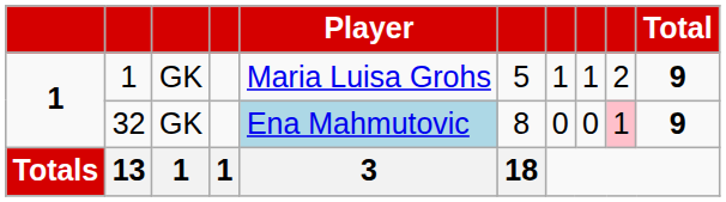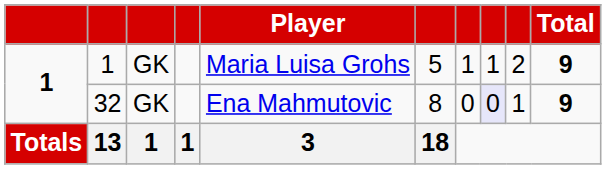 <table class="wikitable" style="text-align:center;">
 <tr>
 <th style="background:#D50000; color:#FFFFFF; "></th>
 <th style="background:#D50000; color:#FFFFFF; "></th>
 <th style="background:#D50000; color:#FFFFFF; "></th>
 <th style="background:#D50000; color:#FFFFFF; "></th>
 <th style="background:#D50000; color:#FFFFFF; ">Player</th>
 <th style="background:#D50000; color:#FFFFFF; "></th>
 <th style="background:#D50000; color:#FFFFFF; "></th>
 <th style="background:#D50000; color:#FFFFFF; "></th>
 <th style="background:#D50000; color:#FFFFFF; "></th>
 <th style="background:#D50000; color:#FFFFFF; ">Total</th>
 </tr>
 <tr>
 <td rowspan = 2><strong>1</strong></td>
 <td>1</td>
 <td>GK</td>
 <td></td>
 <td align="left"><a href='#'>Maria Luisa Grohs</a></td>
 <td>5</td>
 <td>1</td>
 <td>1</td>
 <td>2</td>
 <td><strong>9</strong></td>
 </tr>
 <tr>
 <td>32</td>
 <td>GK</td>
 <td></td>
-<td align="left" style="background: lightblue;"><a href='#'>Ena Mahmutovic</a></td>
+<td align="left"><a href='#'>Ena Mahmutovic</a></td>
 <td>8</td>
 <td>0</td>
-<td>0</td>
-<td style="background: pink;">1</td>
+<td style="background: lavender;">0</td>
+<td>1</td>
 <td><strong>9</strong></td>
 </tr>
 <tr>
 <th style="background:#D50000; color:#FFFFFF; ">Totals</th>
 <th>13</th>
 <th>1</th>
 <th>1</th>
 <th>3</th>
 <th><strong>18</strong></th>
 </tr>
 </table>
